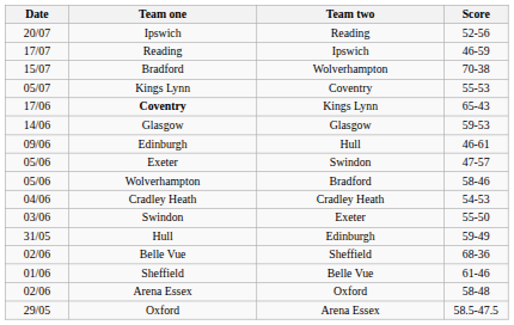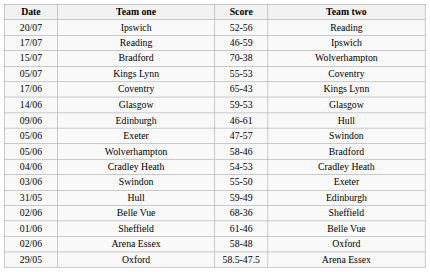 <table class="wikitable" style="text-align: center">
 <tr>
 <th width=80>Date</th>
 <th width=250>Team one</th>
+<th width=80>Score</th>
 <th width=250>Team two</th>
-<th width=80>Score</th>
 </tr>
 <tr>
 <td>20/07</td>
 <td>Ipswich</td>
+<td>52-56</td>
 <td>Reading</td>
-<td>52-56</td>
 </tr>
 <tr>
 <td>17/07</td>
 <td>Reading</td>
+<td>46-59</td>
 <td>Ipswich</td>
-<td>46-59</td>
 </tr>
 <tr>
 <td>15/07</td>
 <td>Bradford</td>
+<td>70-38</td>
 <td>Wolverhampton</td>
-<td>70-38</td>
 </tr>
 <tr>
 <td>05/07</td>
 <td>Kings Lynn</td>
+<td>55-53</td>
 <td>Coventry</td>
-<td>55-53</td>
 </tr>
 <tr>
 <td>17/06</td>
-<td><strong>Coventry</strong></td>
+<td>Coventry</td>
+<td>65-43</td>
 <td>Kings Lynn</td>
-<td>65-43</td>
 </tr>
 <tr>
 <td>14/06</td>
 <td>Glasgow</td>
+<td>59-53</td>
 <td>Glasgow</td>
-<td>59-53</td>
 </tr>
 <tr>
 <td>09/06</td>
 <td>Edinburgh</td>
+<td>46-61</td>
 <td>Hull</td>
-<td>46-61</td>
 </tr>
 <tr>
 <td>05/06</td>
 <td>Exeter</td>
+<td>47-57</td>
 <td>Swindon</td>
-<td>47-57</td>
 </tr>
 <tr>
 <td>05/06</td>
 <td>Wolverhampton</td>
+<td>58-46</td>
 <td>Bradford</td>
-<td>58-46</td>
 </tr>
 <tr>
 <td>04/06</td>
 <td>Cradley Heath</td>
+<td>54-53</td>
 <td>Cradley Heath</td>
-<td>54-53</td>
 </tr>
 <tr>
 <td>03/06</td>
 <td>Swindon</td>
+<td>55-50</td>
 <td>Exeter</td>
-<td>55-50</td>
 </tr>
 <tr>
 <td>31/05</td>
 <td>Hull</td>
+<td>59-49</td>
 <td>Edinburgh</td>
-<td>59-49</td>
 </tr>
 <tr>
 <td>02/06</td>
 <td>Belle Vue</td>
+<td>68-36</td>
 <td>Sheffield</td>
-<td>68-36</td>
 </tr>
 <tr>
 <td>01/06</td>
 <td>Sheffield</td>
+<td>61-46</td>
 <td>Belle Vue</td>
-<td>61-46</td>
 </tr>
 <tr>
 <td>02/06</td>
 <td>Arena Essex</td>
+<td>58-48</td>
 <td>Oxford</td>
-<td>58-48</td>
 </tr>
 <tr>
 <td>29/05</td>
 <td>Oxford</td>
+<td>58.5-47.5</td>
 <td>Arena Essex</td>
-<td>58.5-47.5</td>
 </tr>
 </table>
